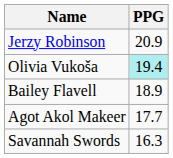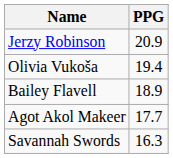 <table class="wikitable">
 <tr>
 <th>Name</th>
 <th>PPG</th>
 </tr>
 <tr>
 <td> <a href='#'>Jerzy Robinson</a></td>
 <td align=center>20.9</td>
 </tr>
 <tr>
 <td> Olivia Vukoša</td>
-<td align=center style="background: paleturquoise;">19.4</td>
+<td align=center>19.4</td>
 </tr>
 <tr>
 <td> Bailey Flavell</td>
 <td align=center>18.9</td>
 </tr>
 <tr>
 <td> Agot Akol Makeer</td>
 <td align=center>17.7</td>
 </tr>
 <tr>
 <td> Savannah Swords</td>
 <td align=center>16.3</td>
 </tr>
 </table>
